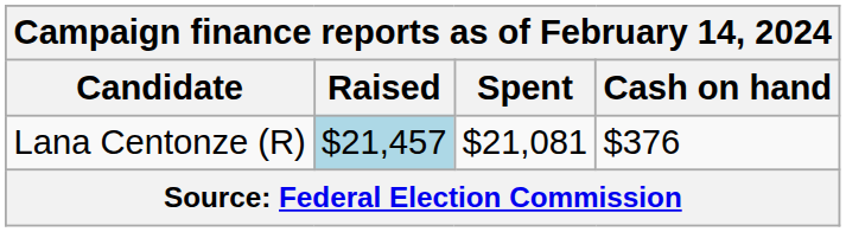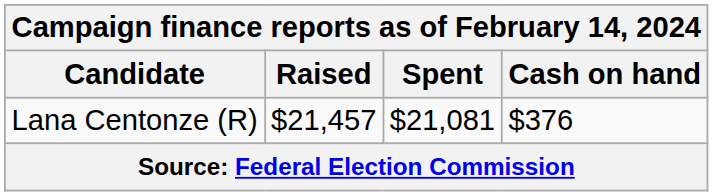 <table class="wikitable sortable">
 <tr>
 <th colspan=4>Campaign finance reports as of February 14, 2024</th>
 </tr>
 <tr style="text-align:center;">
 <th>Candidate</th>
 <th>Raised</th>
 <th>Spent</th>
 <th>Cash on hand</th>
 </tr>
 <tr>
 <td style="background-color:">Lana Centonze (R)</td>
-<td style="background: lightblue;">$21,457</td>
+<td>$21,457</td>
 <td>$21,081</td>
 <td>$376</td>
 </tr>
 <tr>
 <th colspan="4"><small>Source: <a href='#'>Federal Election Commission</a></small></th>
 </tr>
 </table>
